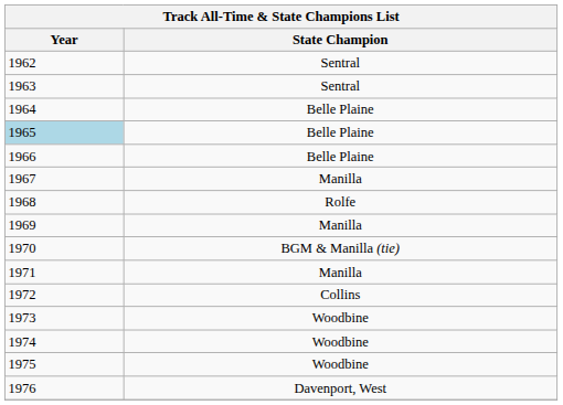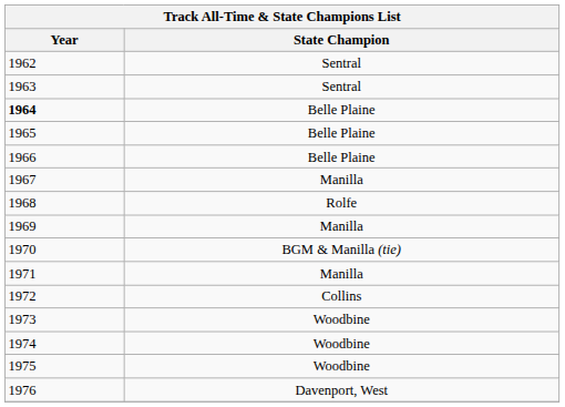 <table class="wikitable collapsible collapsed" style="font-size:88%; min-width:40em">
 <tr>
 <th colspan=5>Track All-Time & State Champions List</th>
 </tr>
 <tr>
 <th>Year</th>
 <th>State Champion</th>
 </tr>
 <tr>
 <td>1962</td>
 <td colspan="4" style="text-align:center;">Sentral</td>
 </tr>
 <tr>
 <td>1963</td>
 <td colspan="4" style="text-align:center;">Sentral</td>
 </tr>
 <tr>
-<td>1964</td>
+<td><strong>1964</strong></td>
 <td colspan="4" style="text-align:center;">Belle Plaine</td>
 </tr>
 <tr>
-<td style="background: lightblue;">1965</td>
+<td>1965</td>
 <td colspan="4" style="text-align:center;">Belle Plaine</td>
 </tr>
 <tr>
 <td>1966</td>
 <td colspan="4" style="text-align:center;">Belle Plaine</td>
 </tr>
 <tr>
 <td>1967</td>
 <td colspan="4" style="text-align:center;">Manilla</td>
 </tr>
 <tr>
 <td>1968</td>
 <td colspan="4" style="text-align:center;">Rolfe</td>
 </tr>
 <tr>
 <td>1969</td>
 <td colspan="4" style="text-align:center;">Manilla</td>
 </tr>
 <tr>
 <td>1970</td>
 <td colspan="4" style="text-align:center;">BGM & Manilla <em>(tie)</em></td>
 </tr>
 <tr>
 <td>1971</td>
 <td colspan="4" style="text-align:center;">Manilla</td>
 </tr>
 <tr>
 <td>1972</td>
 <td colspan="4" style="text-align:center;">Collins</td>
 </tr>
 <tr>
 <td>1973</td>
 <td colspan="4" style="text-align:center;">Woodbine</td>
 </tr>
 <tr>
 <td>1974</td>
 <td colspan="4" style="text-align:center;">Woodbine</td>
 </tr>
 <tr>
 <td>1975</td>
 <td colspan="4" style="text-align:center;">Woodbine</td>
 </tr>
 <tr>
 <td>1976</td>
 <td colspan="4" style="text-align:center;">Davenport, West</td>
 </tr>
 <tr>
 </tr>
 </table>
